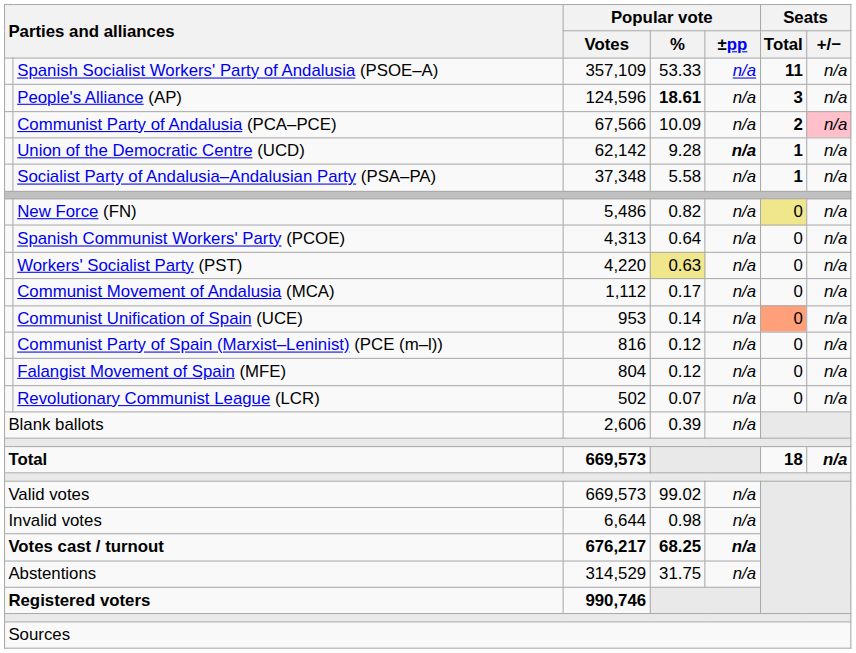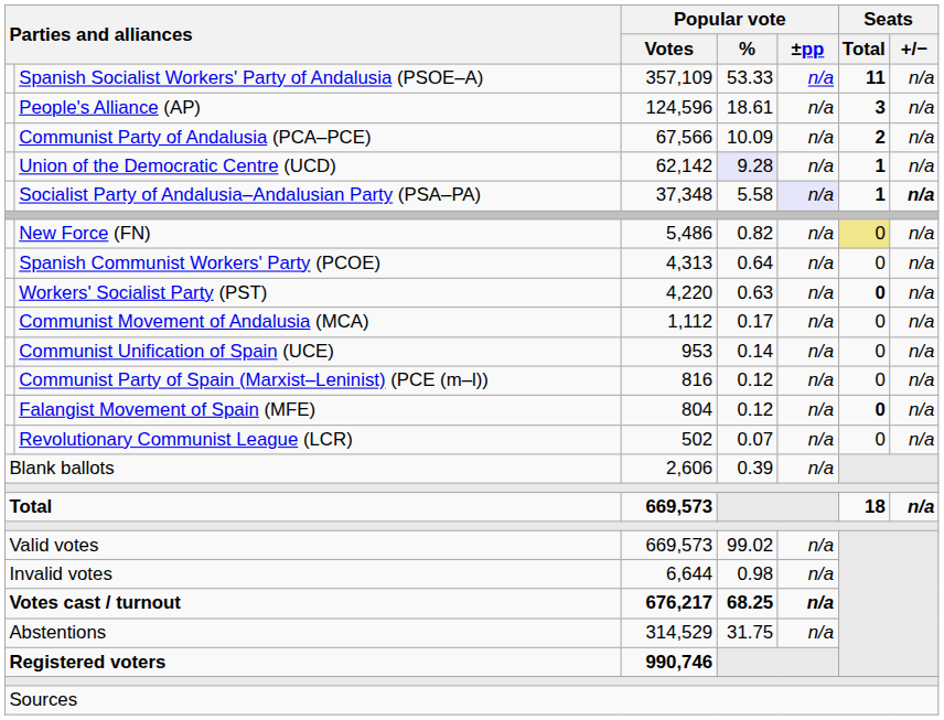 <table class="wikitable" style="text-align:right;">
 <tr>
 <th style="text-align:left;" rowspan="2" colspan="2" width="525">Parties and alliances</th>
 <th colspan="3">Popular vote</th>
 <th colspan="2">Seats</th>
 </tr>
 <tr>
 <th width="75">Votes</th>
 <th width="45">%</th>
 <th width="45">±<a href='#'>pp</a></th>
 <th width="35">Total</th>
 <th width="35">+/−</th>
 </tr>
 <tr>
 <td width="1" style="color:inherit;background:"></td>
 <td align="left"><a href='#'>Spanish Socialist Workers' Party of Andalusia</a> (PSOE–A)</td>
 <td>357,109</td>
 <td>53.33</td>
 <td><em><a href='#'>n/a</a></em></td>
 <td><strong>11</strong></td>
 <td><em>n/a</em></td>
 </tr>
 <tr>
 <td style="color:inherit;background:"></td>
 <td align="left"><a href='#'>People's Alliance</a> (AP)</td>
 <td>124,596</td>
-<td><strong>18.61</strong></td>
+<td>18.61</td>
 <td><em>n/a</em></td>
 <td><strong>3</strong></td>
 <td><em>n/a</em></td>
 </tr>
 <tr>
 <td style="color:inherit;background:"></td>
 <td align="left"><a href='#'>Communist Party of Andalusia</a> (PCA–PCE)</td>
 <td>67,566</td>
 <td>10.09</td>
 <td><em>n/a</em></td>
 <td><strong>2</strong></td>
-<td style="background: pink;"><em>n/a</em></td>
+<td><em>n/a</em></td>
 </tr>
 <tr>
 <td style="color:inherit;background:"></td>
 <td align="left"><a href='#'>Union of the Democratic Centre</a> (UCD)</td>
 <td>62,142</td>
-<td>9.28</td>
-<td><strong><em>n/a</em></strong></td>
+<td style="background: lavender;">9.28</td>
+<td><em>n/a</em></td>
 <td><strong>1</strong></td>
 <td><em>n/a</em></td>
 </tr>
 <tr>
 <td style="color:inherit;background:"></td>
 <td align="left"><a href='#'>Socialist Party of Andalusia–Andalusian Party</a> (PSA–PA)</td>
 <td>37,348</td>
 <td>5.58</td>
-<td><em>n/a</em></td>
+<td style="background: lavender;"><em>n/a</em></td>
 <td><strong>1</strong></td>
-<td><em>n/a</em></td>
+<td><strong><em>n/a</em></strong></td>
 </tr>
 <tr>
 <td colspan="7" bgcolor="#C0C0C0"></td>
 </tr>
 <tr>
 <td style="color:inherit;background:"></td>
 <td align="left"><a href='#'>New Force</a> (FN)</td>
 <td>5,486</td>
 <td>0.82</td>
 <td><em>n/a</em></td>
 <td style="background: khaki;">0</td>
 <td><em>n/a</em></td>
 </tr>
 <tr>
 <td style="color:inherit;background:"></td>
 <td align="left"><a href='#'>Spanish Communist Workers' Party</a> (PCOE)</td>
 <td>4,313</td>
 <td>0.64</td>
 <td><em>n/a</em></td>
 <td>0</td>
 <td><em>n/a</em></td>
 </tr>
 <tr>
 <td style="color:inherit;background:"></td>
 <td align="left"><a href='#'>Workers' Socialist Party</a> (PST)</td>
 <td>4,220</td>
-<td style="background: khaki;">0.63</td>
+<td>0.63</td>
 <td><em>n/a</em></td>
-<td>0</td>
+<td><strong>0</strong></td>
 <td><em>n/a</em></td>
 </tr>
 <tr>
 <td style="color:inherit;background:"></td>
 <td align="left"><a href='#'>Communist Movement of Andalusia</a> (MCA)</td>
 <td>1,112</td>
 <td>0.17</td>
 <td><em>n/a</em></td>
 <td>0</td>
 <td><em>n/a</em></td>
 </tr>
 <tr>
 <td style="color:inherit;background:"></td>
 <td align="left"><a href='#'>Communist Unification of Spain</a> (UCE)</td>
 <td>953</td>
 <td>0.14</td>
 <td><em>n/a</em></td>
-<td style="background: lightsalmon;">0</td>
+<td>0</td>
 <td><em>n/a</em></td>
 </tr>
 <tr>
 <td style="color:inherit;background:"></td>
 <td align="left"><a href='#'>Communist Party of Spain (Marxist–Leninist)</a> (PCE (m–l))</td>
 <td>816</td>
 <td>0.12</td>
 <td><em>n/a</em></td>
 <td>0</td>
 <td><em>n/a</em></td>
 </tr>
 <tr>
 <td style="color:inherit;background:"></td>
 <td align="left"><a href='#'>Falangist Movement of Spain</a> (MFE)</td>
 <td>804</td>
 <td>0.12</td>
 <td><em>n/a</em></td>
-<td>0</td>
+<td><strong>0</strong></td>
 <td><em>n/a</em></td>
 </tr>
 <tr>
 <td style="color:inherit;background:"></td>
 <td align="left"><a href='#'>Revolutionary Communist League</a> (LCR)</td>
 <td>502</td>
 <td>0.07</td>
 <td><em>n/a</em></td>
 <td>0</td>
 <td><em>n/a</em></td>
 </tr>
 <tr>
 <td align="left" colspan="2">Blank ballots</td>
 <td>2,606</td>
 <td>0.39</td>
 <td><em>n/a</em></td>
 <td bgcolor="#E9E9E9" colspan="2"></td>
 </tr>
 <tr>
 <td colspan="7" bgcolor="#E9E9E9"></td>
 </tr>
 <tr style="font-weight:bold;">
 <td align="left" colspan="2">Total</td>
 <td>669,573</td>
 <td bgcolor="#E9E9E9" colspan="2"></td>
 <td>18</td>
 <td><em>n/a</em></td>
 </tr>
 <tr>
 <td colspan="7" bgcolor="#E9E9E9"></td>
 </tr>
 <tr>
 <td align="left" colspan="2">Valid votes</td>
 <td>669,573</td>
 <td>99.02</td>
 <td><em>n/a</em></td>
 <td bgcolor="#E9E9E9" colspan="2" rowspan="5"></td>
 </tr>
 <tr>
 <td align="left" colspan="2">Invalid votes</td>
 <td>6,644</td>
 <td>0.98</td>
 <td><em>n/a</em></td>
 </tr>
 <tr style="font-weight:bold;">
 <td align="left" colspan="2">Votes cast / turnout</td>
 <td>676,217</td>
 <td>68.25</td>
 <td><em>n/a</em></td>
 </tr>
 <tr>
 <td align="left" colspan="2">Abstentions</td>
 <td>314,529</td>
 <td>31.75</td>
 <td><em>n/a</em></td>
 </tr>
 <tr style="font-weight:bold;">
 <td align="left" colspan="2">Registered voters</td>
 <td>990,746</td>
 <td bgcolor="#E9E9E9" colspan="2"></td>
 </tr>
 <tr>
 <td colspan="7" bgcolor="#E9E9E9"></td>
 </tr>
 <tr>
 <td align="left" colspan="7">Sources</td>
 </tr>
 </table>
